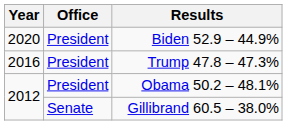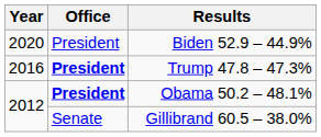 <table class=wikitable>
 <tr>
 <th width="30">Year</th>
 <th width="60">Office</th>
 <th width="180">Results</th>
 </tr>
 <tr>
 <td>2020</td>
 <td><a href='#'>President</a></td>
 <td align="right" ><a href='#'>Biden</a> 52.9 – 44.9%</td>
 </tr>
 <tr>
 <td>2016</td>
-<td><a href='#'>President</a></td>
+<td><strong><a href='#'>President</a></strong></td>
 <td align="right" ><a href='#'>Trump</a> 47.8 – 47.3%</td>
 </tr>
 <tr>
 <td rowspan="2">2012</td>
-<td><a href='#'>President</a></td>
+<td><strong><a href='#'>President</a></strong></td>
 <td align="right" ><a href='#'>Obama</a> 50.2 – 48.1%</td>
 </tr>
 <tr>
 <td><a href='#'>Senate</a></td>
 <td align="right" ><a href='#'>Gillibrand</a> 60.5 – 38.0%</td>
 </tr>
 </table>
